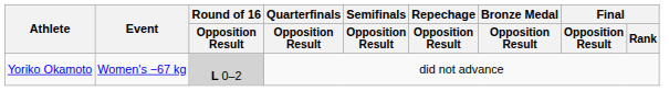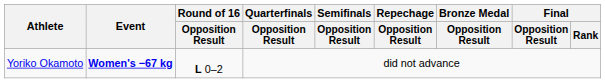 <table class="wikitable" style="font-size:90%;">
 <tr>
 <th rowspan="2">Athlete</th>
 <th rowspan="2">Event</th>
 <th>Round of 16</th>
 <th>Quarterfinals</th>
 <th>Semifinals</th>
 <th>Repechage</th>
 <th>Bronze Medal</th>
 <th colspan=2>Final</th>
 </tr>
 <tr style="font-size:95%">
 <th>Opposition<br>Result</th>
 <th>Opposition<br>Result</th>
 <th>Opposition<br>Result</th>
 <th>Opposition<br>Result</th>
 <th>Opposition<br>Result</th>
 <th>Opposition<br>Result</th>
 <th>Rank</th>
 </tr>
 <tr align=center>
 <td align=left><a href='#'>Yoriko Okamoto</a></td>
-<td align=left><a href='#'>Women's −67 kg</a></td>
-<td style="background: lightgrey;"><br><strong>L</strong> 0–2</td>
+<td align=left><strong><a href='#'>Women's −67 kg</a></strong></td>
+<td><br><strong>L</strong> 0–2</td>
 <td colspan=6>did not advance</td>
 </tr>
 </table>
